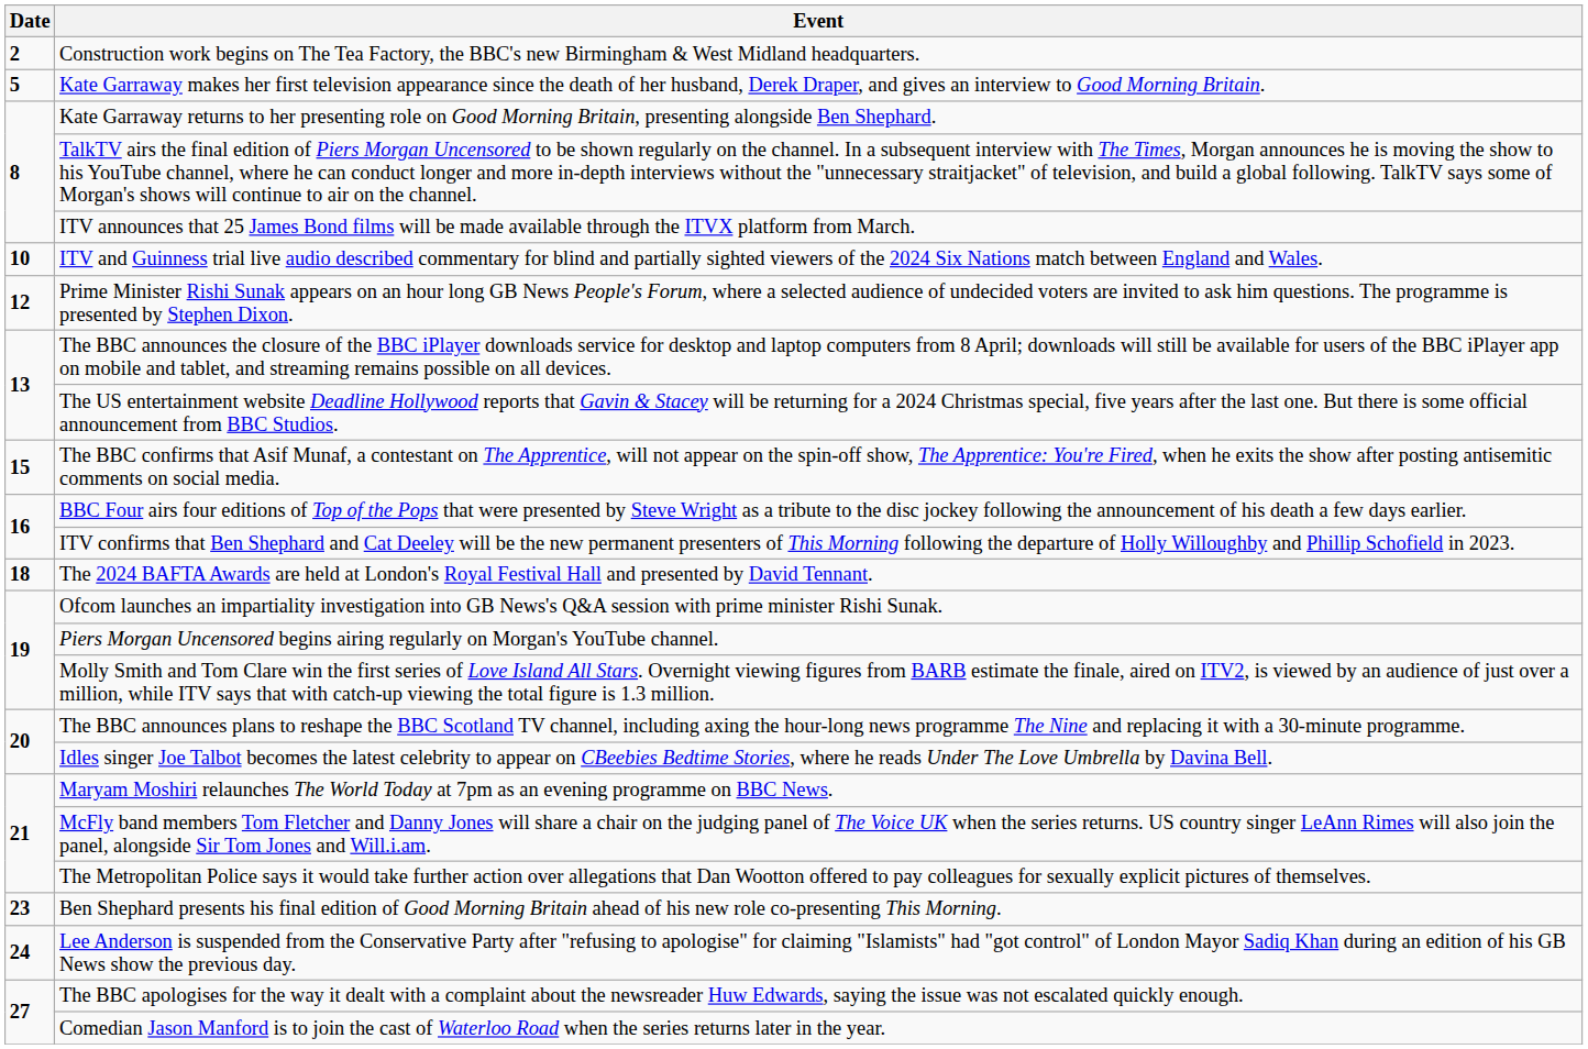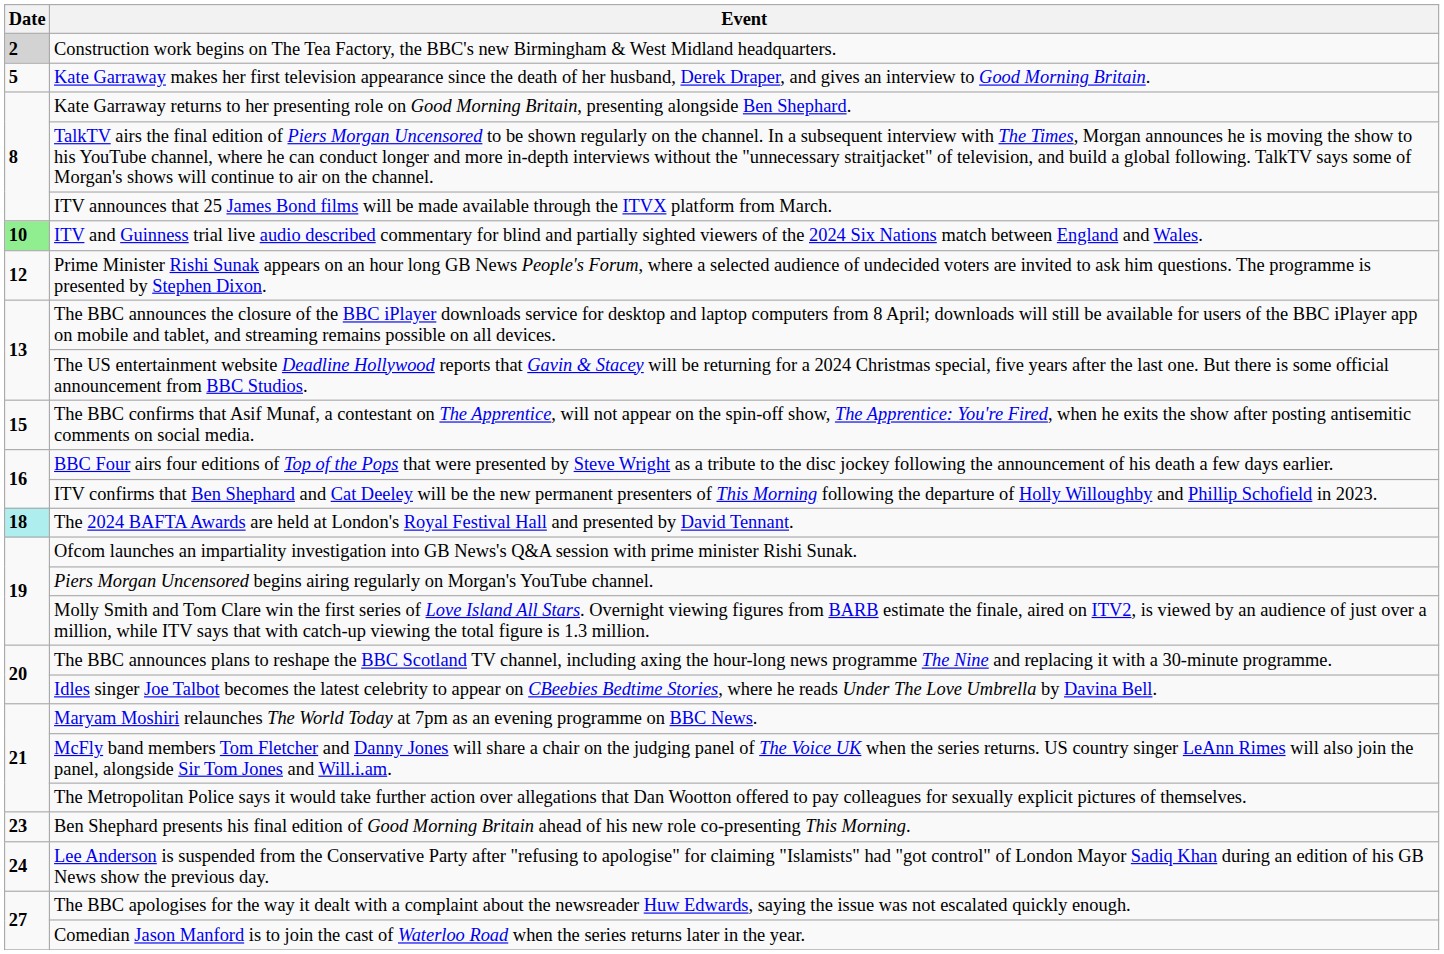 <table class="wikitable">
 <tr>
 <th>Date</th>
 <th>Event</th>
 </tr>
 <tr>
-<td><strong>2</strong></td>
+<td style="background: lightgrey;"><strong>2</strong></td>
 <td>Construction work begins on The Tea Factory, the BBC's new Birmingham & West Midland headquarters.</td>
 </tr>
 <tr>
 <td><strong>5</strong></td>
 <td><a href='#'>Kate Garraway</a> makes her first television appearance since the death of her husband, <a href='#'>Derek Draper</a>, and gives an interview to <em><a href='#'>Good Morning Britain</a></em>.</td>
 </tr>
 <tr>
 <td rowspan=3><strong>8</strong></td>
 <td>Kate Garraway returns to her presenting role on <em>Good Morning Britain</em>, presenting alongside <a href='#'>Ben Shephard</a>.</td>
 </tr>
 <tr>
 <td><a href='#'>TalkTV</a> airs the final edition of <em><a href='#'>Piers Morgan Uncensored</a></em> to be shown regularly on the channel. In a subsequent interview with <em><a href='#'>The Times</a></em>, Morgan announces he is moving the show to his YouTube channel, where he can conduct longer and more in-depth interviews without the "unnecessary straitjacket" of television, and build a global following. TalkTV says some of Morgan's shows will continue to air on the channel.</td>
 </tr>
 <tr>
 <td>ITV announces that 25 <a href='#'>James Bond films</a> will be made available through the <a href='#'>ITVX</a> platform from March.</td>
 </tr>
 <tr>
-<td><strong>10</strong></td>
+<td style="background: lightgreen;"><strong>10</strong></td>
 <td><a href='#'>ITV</a> and <a href='#'>Guinness</a> trial live <a href='#'>audio described</a> commentary for blind and partially sighted viewers of the <a href='#'>2024 Six Nations</a> match between <a href='#'>England</a> and <a href='#'>Wales</a>.</td>
 </tr>
 <tr>
 <td><strong>12</strong></td>
 <td>Prime Minister <a href='#'>Rishi Sunak</a> appears on an hour long GB News <em>People's Forum</em>, where a selected audience of undecided voters are invited to ask him questions. The programme is presented by <a href='#'>Stephen Dixon</a>.</td>
 </tr>
 <tr>
 <td rowspan=2><strong>13</strong></td>
 <td>The BBC announces the closure of the <a href='#'>BBC iPlayer</a> downloads service for desktop and laptop computers from 8 April; downloads will still be available for users of the BBC iPlayer app on mobile and tablet, and streaming remains possible on all devices.</td>
 </tr>
 <tr>
 <td>The US entertainment website <em><a href='#'>Deadline Hollywood</a></em> reports that <em><a href='#'>Gavin & Stacey</a></em> will be returning for a 2024 Christmas special, five years after the last one. But there is some official announcement from <a href='#'>BBC Studios</a>.</td>
 </tr>
 <tr>
 <td><strong>15</strong></td>
 <td>The BBC confirms that Asif Munaf, a contestant on <em><a href='#'>The Apprentice</a></em>, will not appear on the spin-off show, <em><a href='#'>The Apprentice: You're Fired</a></em>, when he exits the show after posting antisemitic comments on social media.</td>
 </tr>
 <tr>
 <td rowspan=2><strong>16</strong></td>
 <td><a href='#'>BBC Four</a> airs four editions of <em><a href='#'>Top of the Pops</a></em> that were presented by <a href='#'>Steve Wright</a> as a tribute to the disc jockey following the announcement of his death a few days earlier.</td>
 </tr>
 <tr>
 <td>ITV confirms that <a href='#'>Ben Shephard</a> and <a href='#'>Cat Deeley</a> will be the new permanent presenters of <em><a href='#'>This Morning</a></em> following the departure of <a href='#'>Holly Willoughby</a> and <a href='#'>Phillip Schofield</a> in 2023.</td>
 </tr>
 <tr>
-<td><strong>18</strong></td>
+<td style="background: paleturquoise;"><strong>18</strong></td>
 <td>The <a href='#'>2024 BAFTA Awards</a> are held at London's <a href='#'>Royal Festival Hall</a> and presented by <a href='#'>David Tennant</a>.</td>
 </tr>
 <tr>
 <td rowspan=3><strong>19</strong></td>
 <td>Ofcom launches an impartiality investigation into GB News's Q&A session with prime minister Rishi Sunak.</td>
 </tr>
 <tr>
 <td><em>Piers Morgan Uncensored</em> begins airing regularly on Morgan's YouTube channel.</td>
 </tr>
 <tr>
 <td>Molly Smith and Tom Clare win the first series of <em><a href='#'>Love Island All Stars</a></em>. Overnight viewing figures from <a href='#'>BARB</a> estimate the finale, aired on <a href='#'>ITV2</a>, is viewed by an audience of just over a million, while ITV says that with catch-up viewing the total figure is 1.3 million.</td>
 </tr>
 <tr>
 <td rowspan=2><strong>20</strong></td>
 <td>The BBC announces plans to reshape the <a href='#'>BBC Scotland</a> TV channel, including axing the hour-long news programme <em><a href='#'>The Nine</a></em> and replacing it with a 30-minute programme.</td>
 </tr>
 <tr>
 <td><a href='#'>Idles</a> singer <a href='#'>Joe Talbot</a> becomes the latest celebrity to appear on <em><a href='#'>CBeebies Bedtime Stories</a></em>, where he reads <em>Under The Love Umbrella</em> by <a href='#'>Davina Bell</a>.</td>
 </tr>
 <tr>
 <td rowspan=3><strong>21</strong></td>
 <td><a href='#'>Maryam Moshiri</a> relaunches <em>The World Today</em> at 7pm as an evening programme on <a href='#'>BBC News</a>.</td>
 </tr>
 <tr>
 <td><a href='#'>McFly</a> band members <a href='#'>Tom Fletcher</a> and <a href='#'>Danny Jones</a> will share a chair on the judging panel of <em><a href='#'>The Voice UK</a></em> when the series returns. US country singer <a href='#'>LeAnn Rimes</a> will also join the panel, alongside <a href='#'>Sir Tom Jones</a> and <a href='#'>Will.i.am</a>.</td>
 </tr>
 <tr>
 <td>The Metropolitan Police says it would take further action over allegations that Dan Wootton offered to pay colleagues for sexually explicit pictures of themselves.</td>
 </tr>
 <tr>
 <td><strong>23</strong></td>
 <td>Ben Shephard presents his final edition of <em>Good Morning Britain</em> ahead of his new role co-presenting <em>This Morning</em>.</td>
 </tr>
 <tr>
 <td><strong>24</strong></td>
 <td><a href='#'>Lee Anderson</a> is suspended from the Conservative Party after "refusing to apologise" for claiming "Islamists" had "got control" of London Mayor <a href='#'>Sadiq Khan</a> during an edition of his GB News show the previous day.</td>
 </tr>
 <tr>
 <td rowspan=2><strong>27</strong></td>
 <td>The BBC apologises for the way it dealt with a complaint about the newsreader <a href='#'>Huw Edwards</a>, saying the issue was not escalated quickly enough.</td>
 </tr>
 <tr>
 <td>Comedian <a href='#'>Jason Manford</a> is to join the cast of <em><a href='#'>Waterloo Road</a></em> when the series returns later in the year.</td>
 </tr>
 </table>
